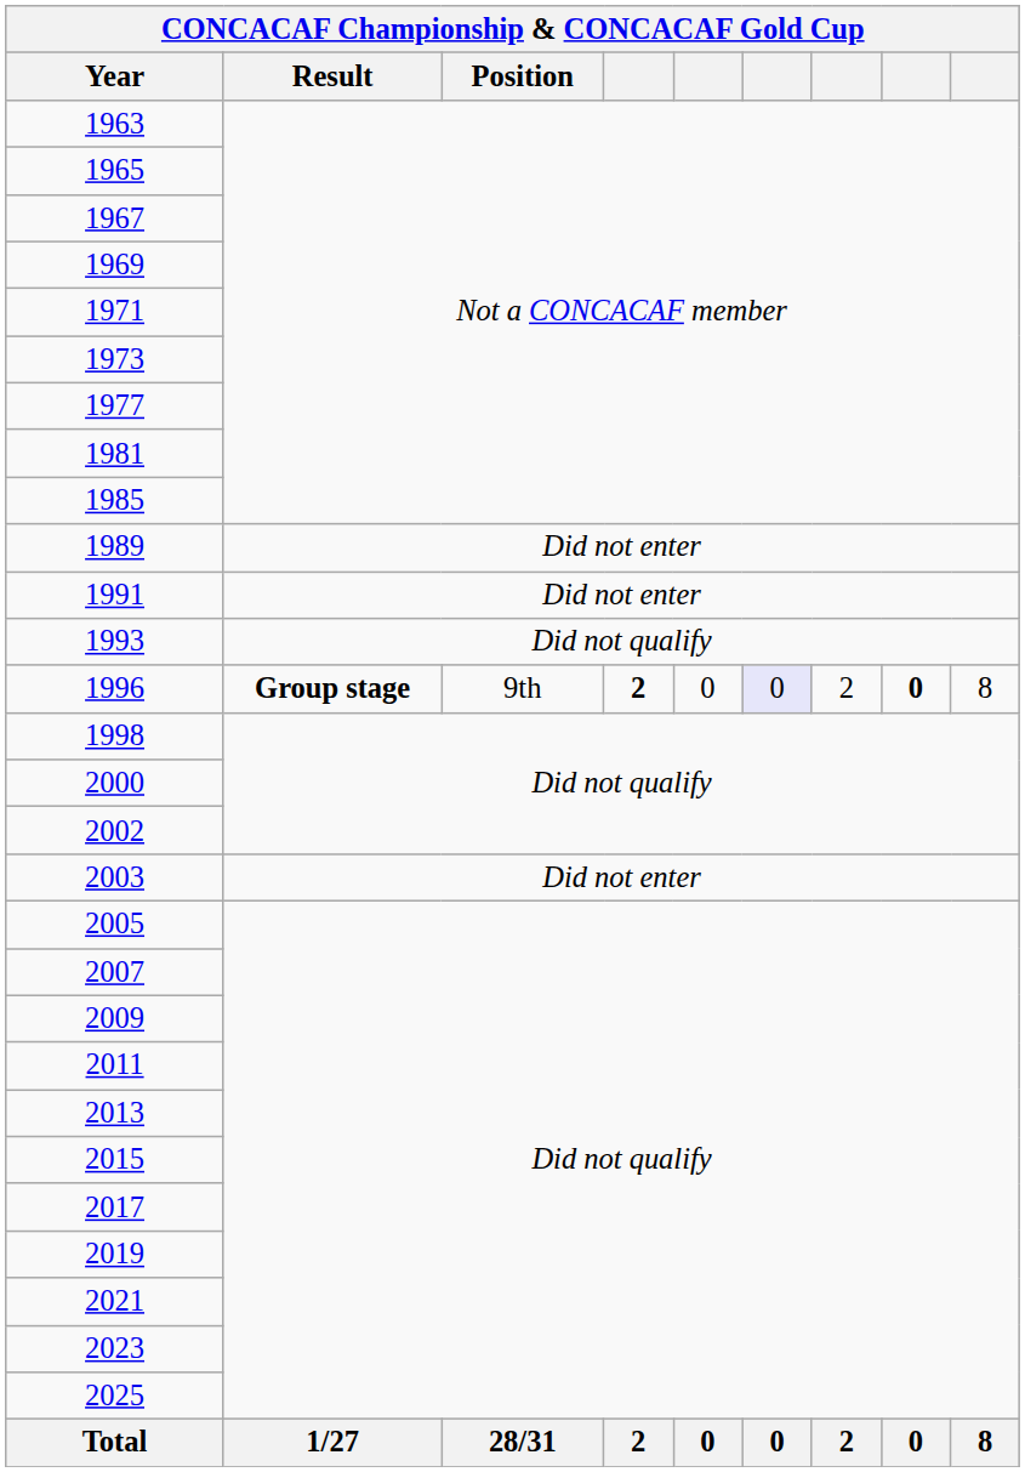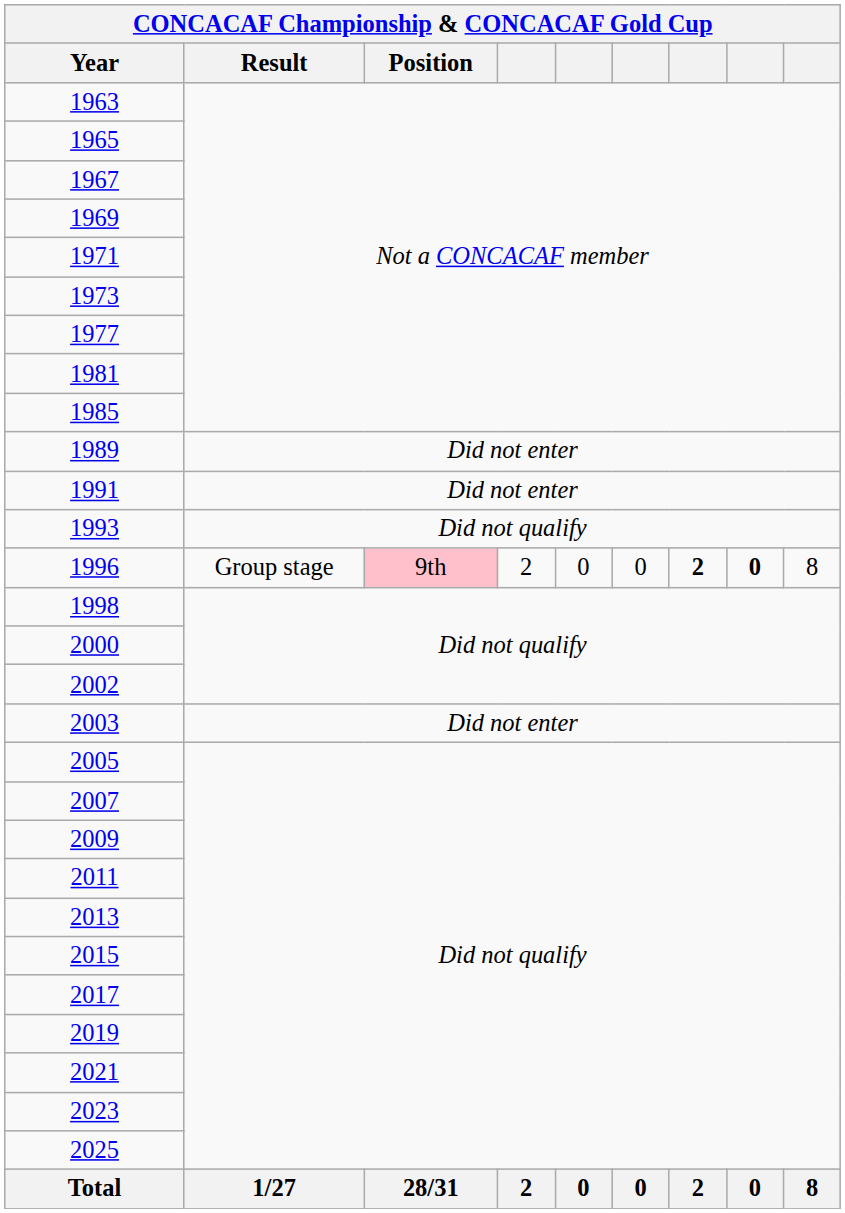 <table class="wikitable" style="text-align: center;">
 <tr>
 <th colspan=9><a href='#'>CONCACAF Championship</a> & <a href='#'>CONCACAF Gold Cup</a></th>
 </tr>
 <tr>
 <th style="width:110px;">Year</th>
 <th style="width:110px;">Result</th>
 <th style="width:80px;">Position</th>
 <th style="width:30px;"></th>
 <th style="width:30px;"></th>
 <th style="width:30px;"></th>
 <th style="width:30px;"></th>
 <th style="width:30px;"></th>
 <th style="width:30px;"></th>
 </tr>
 <tr>
 <td> <a href='#'>1963</a></td>
 <td rowspan=9 colspan=8><em>Not a <a href='#'>CONCACAF</a> member</em></td>
 </tr>
 <tr>
 <td> <a href='#'>1965</a></td>
 </tr>
 <tr>
 <td> <a href='#'>1967</a></td>
 </tr>
 <tr>
 <td> <a href='#'>1969</a></td>
 </tr>
 <tr>
 <td> <a href='#'>1971</a></td>
 </tr>
 <tr>
 <td> <a href='#'>1973</a></td>
 </tr>
 <tr>
 <td> <a href='#'>1977</a></td>
 </tr>
 <tr>
 <td> <a href='#'>1981</a></td>
 </tr>
 <tr>
 <td><a href='#'>1985</a></td>
 </tr>
 <tr>
 <td><a href='#'>1989</a></td>
 <td colspan=8><em>Did not enter</em></td>
 </tr>
 <tr>
 <td> <a href='#'>1991</a></td>
 <td colspan=8><em>Did not enter</em></td>
 </tr>
 <tr>
 <td>  <a href='#'>1993</a></td>
 <td colspan=8><em>Did not qualify</em></td>
 </tr>
 <tr>
 <td> <a href='#'>1996</a></td>
-<td><strong>Group stage</strong></td>
-<td>9th</td>
+<td>Group stage</td>
+<td style="background: pink;">9th</td>
+<td>2</td>
+<td>0</td>
+<td>0</td>
 <td><strong>2</strong></td>
-<td>0</td>
-<td style="background: lavender;">0</td>
-<td>2</td>
 <td><strong>0</strong></td>
 <td>8</td>
 </tr>
 <tr>
 <td> <a href='#'>1998</a></td>
 <td rowspan=3 colspan=8><em>Did not qualify</em></td>
 </tr>
 <tr>
 <td> <a href='#'>2000</a></td>
 </tr>
 <tr>
 <td> <a href='#'>2002</a></td>
 </tr>
 <tr>
 <td>  <a href='#'>2003</a></td>
 <td colspan=8><em>Did not enter</em></td>
 </tr>
 <tr>
 <td> <a href='#'>2005</a></td>
 <td rowspan=11 colspan=8><em>Did not qualify</em></td>
 </tr>
 <tr>
 <td> <a href='#'>2007</a></td>
 </tr>
 <tr>
 <td> <a href='#'>2009</a></td>
 </tr>
 <tr>
 <td> <a href='#'>2011</a></td>
 </tr>
 <tr>
 <td> <a href='#'>2013</a></td>
 </tr>
 <tr>
 <td>  <a href='#'>2015</a></td>
 </tr>
 <tr>
 <td> <a href='#'>2017</a></td>
 </tr>
 <tr>
 <td>   <a href='#'>2019</a></td>
 </tr>
 <tr>
 <td> <a href='#'>2021</a></td>
 </tr>
 <tr>
 <td>  <a href='#'>2023</a></td>
 </tr>
 <tr>
 <td>  <a href='#'>2025</a></td>
 </tr>
 <tr>
 <th><strong>Total</strong></th>
 <th><strong>1/27</strong></th>
 <th><strong>28/31</strong></th>
 <th><strong>2</strong></th>
 <th><strong>0</strong></th>
 <th><strong>0</strong></th>
 <th><strong>2</strong></th>
 <th><strong>0</strong></th>
 <th><strong>8</strong></th>
 </tr>
 </table>
